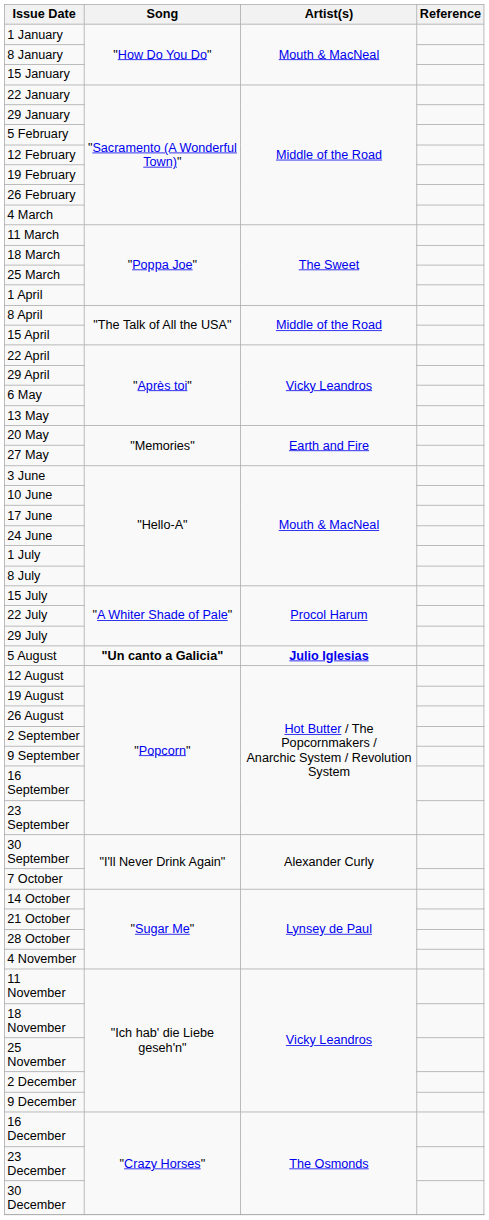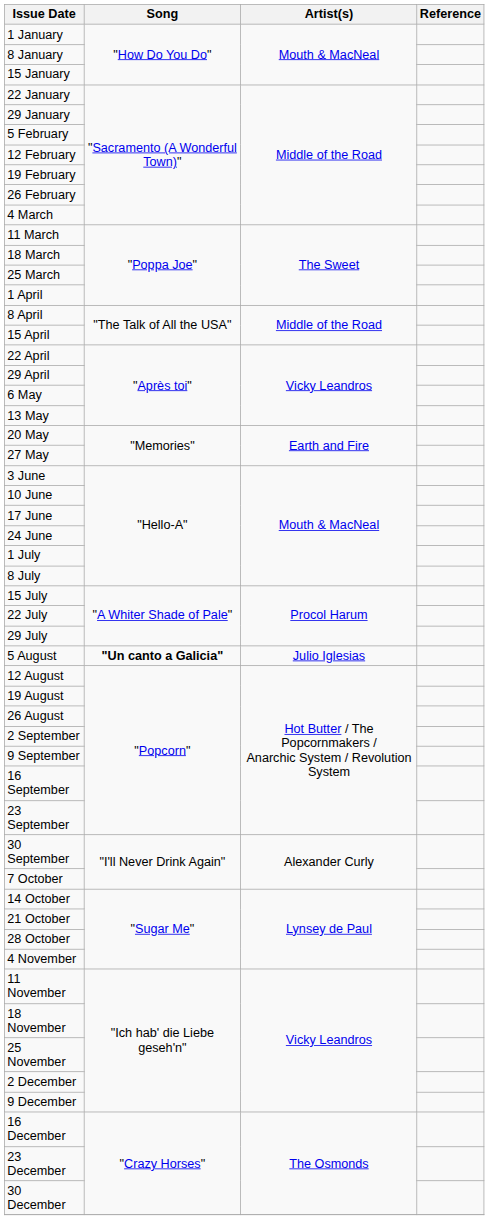 <table class="wikitable">
 <tr>
 <th align="center">Issue Date</th>
 <th align="center">Song</th>
 <th align="center">Artist(s)</th>
 <th align="center">Reference</th>
 </tr>
 <tr>
 <td>1 January</td>
 <td align="center" rowspan="3">"<a href='#'>How Do You Do</a>"</td>
 <td align="center" rowspan="3"><a href='#'>Mouth & MacNeal</a></td>
 <td align="center"></td>
 </tr>
 <tr>
 <td>8 January</td>
 <td align="center"></td>
 </tr>
 <tr>
 <td>15 January</td>
 <td align="center"></td>
 </tr>
 <tr>
 <td>22 January</td>
 <td align="center" rowspan="7">"<a href='#'>Sacramento (A Wonderful Town)</a>"</td>
 <td align="center" rowspan="7"><a href='#'>Middle of the Road</a></td>
 <td align="center"></td>
 </tr>
 <tr>
 <td>29 January</td>
 <td align="center"></td>
 </tr>
 <tr>
 <td>5 February</td>
 <td align="center"></td>
 </tr>
 <tr>
 <td>12 February</td>
 <td align="center"></td>
 </tr>
 <tr>
 <td>19 February</td>
 <td align="center"></td>
 </tr>
 <tr>
 <td>26 February</td>
 <td align="center"></td>
 </tr>
 <tr>
 <td>4 March</td>
 <td align="center"></td>
 </tr>
 <tr>
 <td>11 March</td>
 <td align="center" rowspan="4">"<a href='#'>Poppa Joe</a>"</td>
 <td align="center" rowspan="4"><a href='#'>The Sweet</a></td>
 <td align="center"></td>
 </tr>
 <tr>
 <td>18 March</td>
 <td align="center"></td>
 </tr>
 <tr>
 <td>25 March</td>
 <td align="center"></td>
 </tr>
 <tr>
 <td>1 April</td>
 <td align="center"></td>
 </tr>
 <tr>
 <td>8 April</td>
 <td align="center" rowspan="2">"The Talk of All the USA"</td>
 <td align="center" rowspan="2"><a href='#'>Middle of the Road</a></td>
 <td align="center"></td>
 </tr>
 <tr>
 <td>15 April</td>
 <td align="center"></td>
 </tr>
 <tr>
 <td>22 April</td>
 <td align="center" rowspan="4">"<a href='#'>Après toi</a>"</td>
 <td align="center" rowspan="4"><a href='#'>Vicky Leandros</a></td>
 <td align="center"></td>
 </tr>
 <tr>
 <td>29 April</td>
 <td align="center"></td>
 </tr>
 <tr>
 <td>6 May</td>
 <td align="center"></td>
 </tr>
 <tr>
 <td>13 May</td>
 <td align="center"></td>
 </tr>
 <tr>
 <td>20 May</td>
 <td align="center" rowspan="2">"Memories"</td>
 <td align="center" rowspan="2"><a href='#'>Earth and Fire</a></td>
 <td align="center"></td>
 </tr>
 <tr>
 <td>27 May</td>
 <td align="center"></td>
 </tr>
 <tr>
 <td>3 June</td>
 <td align="center" rowspan="6">"Hello-A"</td>
 <td align="center" rowspan="6"><a href='#'>Mouth & MacNeal</a></td>
 <td align="center"></td>
 </tr>
 <tr>
 <td>10 June</td>
 <td align="center"></td>
 </tr>
 <tr>
 <td>17 June</td>
 <td align="center"></td>
 </tr>
 <tr>
 <td>24 June</td>
 <td align="center"></td>
 </tr>
 <tr>
 <td>1 July</td>
 <td align="center"></td>
 </tr>
 <tr>
 <td>8 July</td>
 <td align="center"></td>
 </tr>
 <tr>
 <td>15 July</td>
 <td align="center" rowspan="3">"<a href='#'>A Whiter Shade of Pale</a>"</td>
 <td align="center" rowspan="3"><a href='#'>Procol Harum</a></td>
 <td align="center"></td>
 </tr>
 <tr>
 <td>22 July</td>
 <td align="center"></td>
 </tr>
 <tr>
 <td>29 July</td>
 <td align="center"></td>
 </tr>
 <tr>
 <td>5 August</td>
 <td align="center"><strong>"Un canto a Galicia"</strong></td>
-<td align="center"><strong><a href='#'>Julio Iglesias</a></strong></td>
+<td align="center"><a href='#'>Julio Iglesias</a></td>
 <td align="center"></td>
 </tr>
 <tr>
 <td>12 August</td>
 <td align="center" rowspan="7">"<a href='#'>Popcorn</a>"</td>
 <td align="center" rowspan="7"><a href='#'>Hot Butter</a> / The Popcornmakers /<br>Anarchic System / Revolution System</td>
 <td align="center"></td>
 </tr>
 <tr>
 <td>19 August</td>
 <td align="center"></td>
 </tr>
 <tr>
 <td>26 August</td>
 <td align="center"></td>
 </tr>
 <tr>
 <td>2 September</td>
 <td align="center"></td>
 </tr>
 <tr>
 <td>9 September</td>
 <td align="center"></td>
 </tr>
 <tr>
 <td>16 September</td>
 <td align="center"></td>
 </tr>
 <tr>
 <td>23 September</td>
 <td align="center"></td>
 </tr>
 <tr>
 <td>30 September</td>
 <td align="center" rowspan="2">"I'll Never Drink Again"</td>
 <td align="center" rowspan="2">Alexander Curly</td>
 <td align="center"></td>
 </tr>
 <tr>
 <td>7 October</td>
 <td align="center"></td>
 </tr>
 <tr>
 <td>14 October</td>
 <td align="center" rowspan="4">"<a href='#'>Sugar Me</a>"</td>
 <td align="center" rowspan="4"><a href='#'>Lynsey de Paul</a></td>
 <td align="center"></td>
 </tr>
 <tr>
 <td>21 October</td>
 <td align="center"></td>
 </tr>
 <tr>
 <td>28 October</td>
 <td align="center"></td>
 </tr>
 <tr>
 <td>4 November</td>
 <td align="center"></td>
 </tr>
 <tr>
 <td>11 November</td>
 <td align="center" rowspan="5">"Ich hab' die Liebe geseh'n"</td>
 <td align="center" rowspan="5"><a href='#'>Vicky Leandros</a></td>
 <td align="center"></td>
 </tr>
 <tr>
 <td>18 November</td>
 <td align="center"></td>
 </tr>
 <tr>
 <td>25 November</td>
 <td align="center"></td>
 </tr>
 <tr>
 <td>2 December</td>
 <td align="center"></td>
 </tr>
 <tr>
 <td>9 December</td>
 <td align="center"></td>
 </tr>
 <tr>
 <td>16 December</td>
 <td align="center" rowspan="3">"<a href='#'>Crazy Horses</a>"</td>
 <td align="center" rowspan="3"><a href='#'>The Osmonds</a></td>
 <td align="center"></td>
 </tr>
 <tr>
 <td>23 December</td>
 <td align="center"></td>
 </tr>
 <tr>
 <td>30 December</td>
 <td align="center"></td>
 </tr>
 <tr>
 </tr>
 </table>
